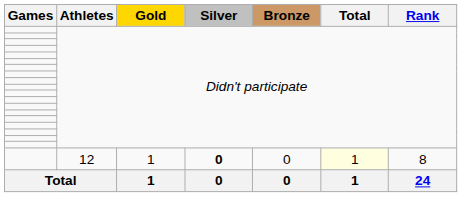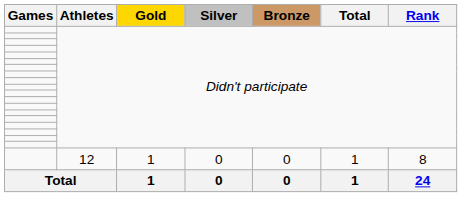 <table class="wikitable sortable" style="text-align:center; font-size:90%;">
 <tr>
 <th>Games</th>
 <th>Athletes</th>
 <th style="background:gold; width:4.5em; font-weight:bold;">Gold</th>
 <th style="background:silver; width:4.5em; font-weight:bold;">Silver</th>
 <th style="background:#cc9966; width:4.5em; font-weight:bold;">Bronze</th>
 <th style="width:4.5em; font-weight:bold;">Total</th>
 <th style="width:4.5em; font-weight:bold;"><a href='#'>Rank</a></th>
 </tr>
 <tr>
 <td align=left></td>
 <td rowspan=19 colspan=6><em>Didn't participate</em></td>
 </tr>
 <tr>
 <td align=left></td>
 </tr>
 <tr>
 <td align=left></td>
 </tr>
 <tr>
 <td align=left></td>
 </tr>
 <tr>
 <td align=left></td>
 </tr>
 <tr>
 <td align=left></td>
 </tr>
 <tr>
 <td align=left></td>
 </tr>
 <tr>
 <td align=left></td>
 </tr>
 <tr>
 <td align=left></td>
 </tr>
 <tr>
 <td align=left></td>
 </tr>
 <tr>
 <td align=left></td>
 </tr>
 <tr>
 <td align=left></td>
 </tr>
 <tr>
 <td align=left></td>
 </tr>
 <tr>
 <td align=left></td>
 </tr>
 <tr>
 <td align=left></td>
 </tr>
 <tr>
 <td align=left></td>
 </tr>
 <tr>
 <td align=left></td>
 </tr>
 <tr>
 <td align=left></td>
 </tr>
 <tr>
 <td align=left></td>
 </tr>
 <tr>
 <td align=left></td>
 <td>12</td>
 <td>1</td>
-<td><strong>0</strong></td>
 <td>0</td>
-<td style="background: lightyellow;">1</td>
+<td>0</td>
+<td>1</td>
 <td>8</td>
 </tr>
 <tr>
 <th colspan=2>Total</th>
 <th>1</th>
 <th>0</th>
 <th>0</th>
 <th>1</th>
 <th><a href='#'>24</a></th>
 </tr>
 </table>
